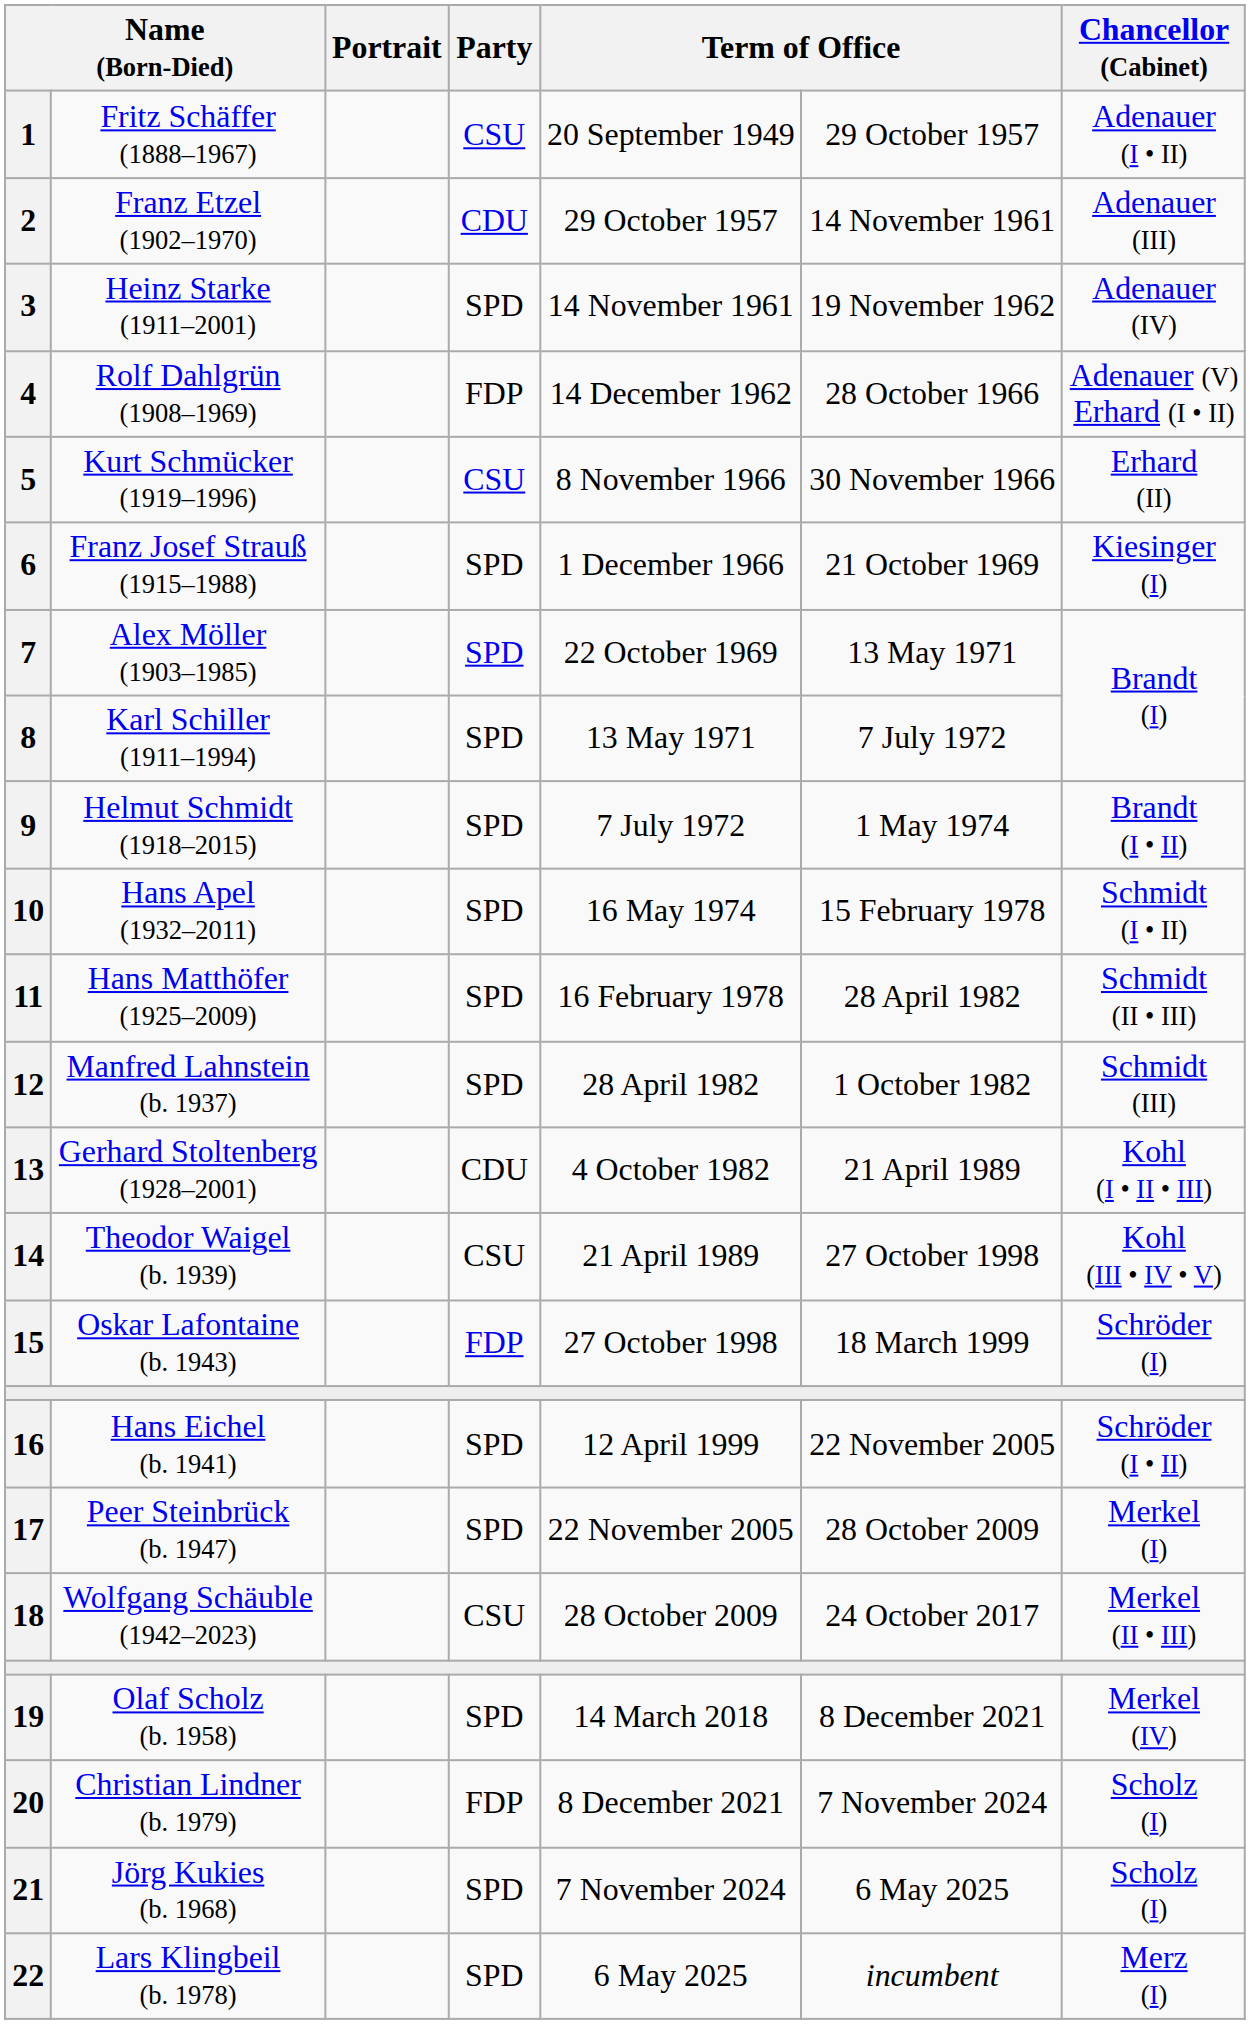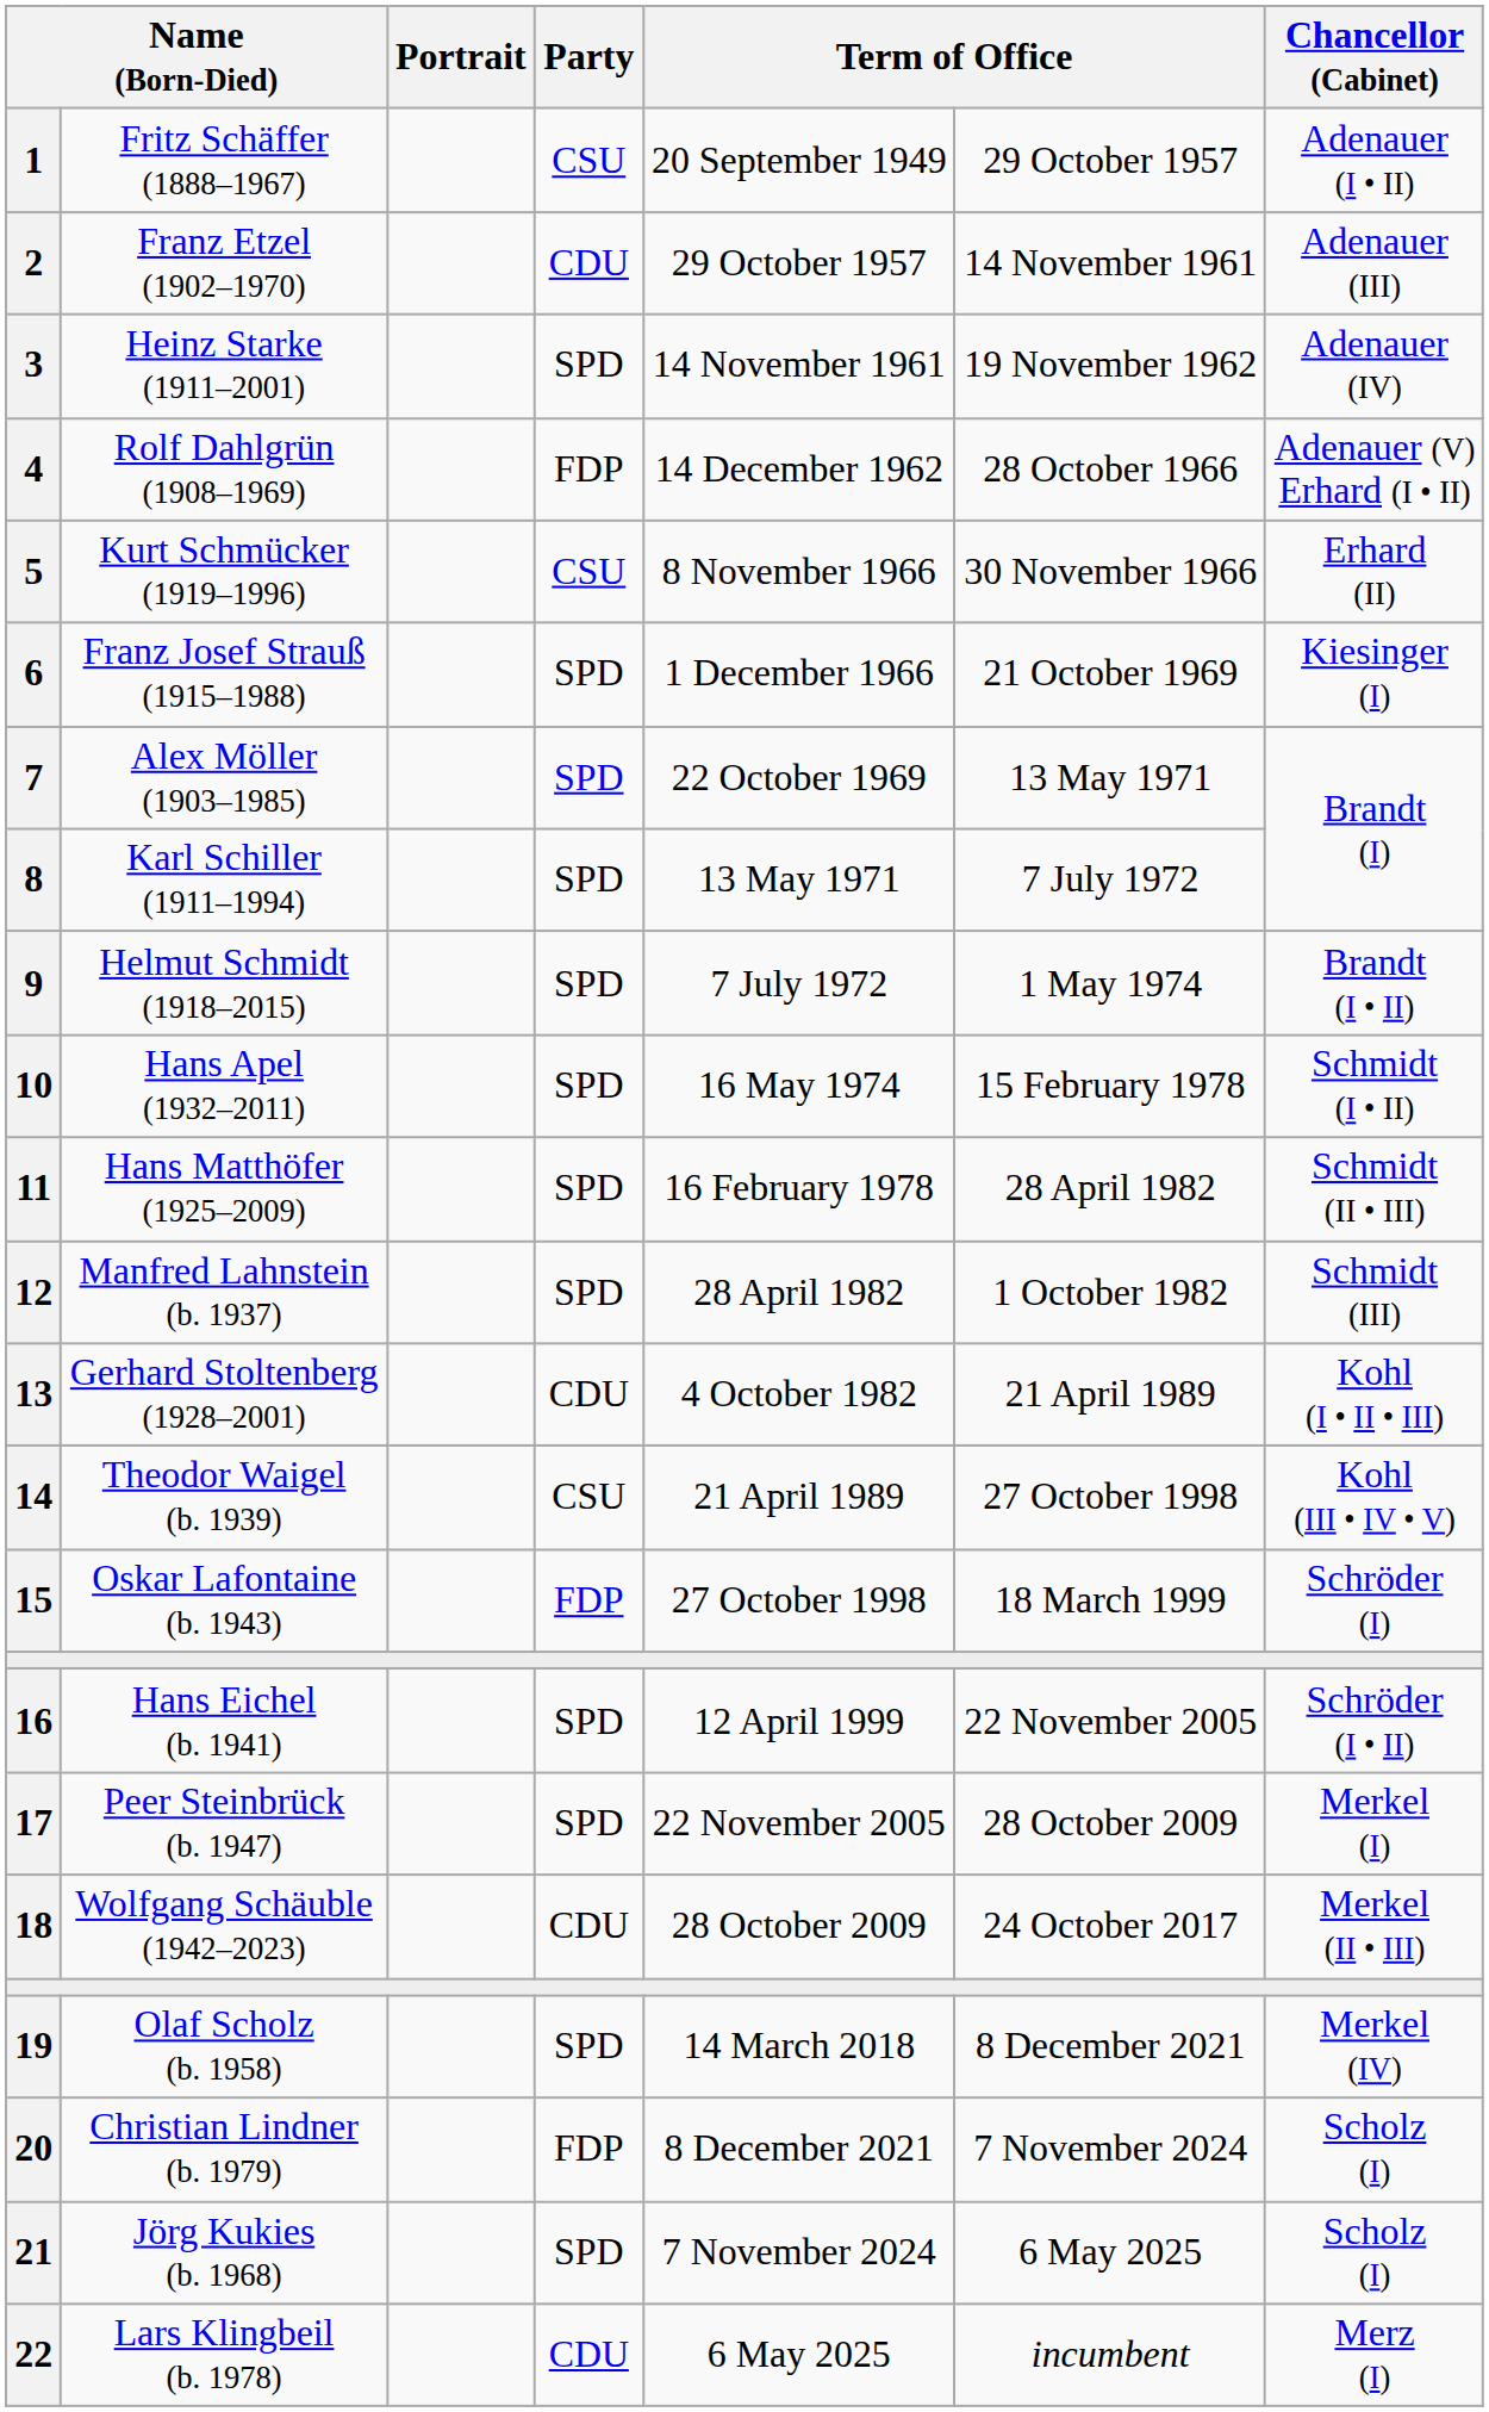 <table class="wikitable" style="text-align:center;">
 <tr>
 <th colspan=2>Name<br><small>(Born-Died)</small></th>
 <th>Portrait</th>
 <th>Party</th>
 <th colspan=2>Term of Office</th>
 <th><a href='#'>Chancellor</a><br><small>(Cabinet)</small></th>
 </tr>
 <tr>
 <th style="background:">1</th>
 <td><a href='#'>Fritz Schäffer</a><br><small>(1888–1967)</small></td>
 <td></td>
 <td><a href='#'>CSU</a></td>
 <td>20 September 1949</td>
 <td>29 October 1957</td>
 <td><a href='#'>Adenauer</a><br><small>(<a href='#'>I</a> • II)</small></td>
 </tr>
 <tr>
 <th style="background:">2</th>
 <td><a href='#'>Franz Etzel</a><br><small>(1902–1970)</small></td>
 <td></td>
 <td><a href='#'>CDU</a></td>
 <td>29 October 1957</td>
 <td>14 November 1961</td>
 <td><a href='#'>Adenauer</a><br><small>(III)</small></td>
 </tr>
 <tr>
 <th style="background:">3</th>
 <td><a href='#'>Heinz Starke</a><br><small>(1911–2001)</small></td>
 <td></td>
 <td>SPD</td>
 <td>14 November 1961</td>
 <td>19 November 1962</td>
 <td><a href='#'>Adenauer</a><br><small>(IV)</small></td>
 </tr>
 <tr>
 <th style="background:">4</th>
 <td><a href='#'>Rolf Dahlgrün</a><br><small>(1908–1969)</small></td>
 <td></td>
 <td>FDP</td>
 <td>14 December 1962</td>
 <td>28 October 1966</td>
 <td><a href='#'>Adenauer</a> <small>(V)</small><br> <a href='#'>Erhard</a> <small>(I • II)</small></td>
 </tr>
 <tr>
 <th style="background:">5</th>
 <td><a href='#'>Kurt Schmücker</a><br><small>(1919–1996)</small></td>
 <td></td>
 <td><a href='#'>CSU</a></td>
 <td>8 November 1966</td>
 <td>30 November 1966</td>
 <td><a href='#'>Erhard</a><br><small>(II)</small></td>
 </tr>
 <tr>
 <th style="background:">6</th>
 <td><a href='#'>Franz Josef Strauß</a><br><small>(1915–1988)</small></td>
 <td></td>
 <td>SPD</td>
 <td>1 December 1966</td>
 <td>21 October 1969</td>
 <td><a href='#'>Kiesinger</a><br><small>(<a href='#'>I</a>)</small></td>
 </tr>
 <tr>
 <th style="background:">7</th>
 <td><a href='#'>Alex Möller</a><br><small>(1903–1985)</small></td>
 <td></td>
 <td><a href='#'>SPD</a></td>
 <td>22 October 1969</td>
 <td>13 May 1971</td>
 <td rowspan=2><a href='#'>Brandt</a><br><small>(<a href='#'>I</a>)</small></td>
 </tr>
 <tr>
 <th style="background:">8</th>
 <td><a href='#'>Karl Schiller</a><br><small>(1911–1994)</small></td>
 <td></td>
 <td>SPD</td>
 <td>13 May 1971</td>
 <td>7 July 1972</td>
 </tr>
 <tr>
 <th style="background:">9</th>
 <td><a href='#'>Helmut Schmidt</a><br><small>(1918–2015)</small></td>
 <td></td>
 <td>SPD</td>
 <td>7 July 1972</td>
 <td>1 May 1974</td>
 <td><a href='#'>Brandt</a><br><small>(<a href='#'>I</a> • <a href='#'>II</a>)</small></td>
 </tr>
 <tr>
 <th style="background:">10</th>
 <td><a href='#'>Hans Apel</a><br><small>(1932–2011)</small></td>
 <td></td>
 <td>SPD</td>
 <td>16 May 1974</td>
 <td>15 February 1978</td>
 <td><a href='#'>Schmidt</a><br><small>(<a href='#'>I</a> • II)</small></td>
 </tr>
 <tr>
 <th style="background:">11</th>
 <td><a href='#'>Hans Matthöfer</a><br><small>(1925–2009)</small></td>
 <td></td>
 <td>SPD</td>
 <td>16 February 1978</td>
 <td>28 April 1982</td>
 <td><a href='#'>Schmidt</a><br><small>(II • III)</small></td>
 </tr>
 <tr>
 <th style="background:">12</th>
 <td><a href='#'>Manfred Lahnstein</a><br><small>(b. 1937)</small></td>
 <td></td>
 <td>SPD</td>
 <td>28 April 1982</td>
 <td>1 October 1982</td>
 <td><a href='#'>Schmidt</a><br><small>(III)</small></td>
 </tr>
 <tr>
 <th style="background:">13</th>
 <td><a href='#'>Gerhard Stoltenberg</a><br><small>(1928–2001)</small></td>
 <td></td>
 <td>CDU</td>
 <td>4 October 1982</td>
 <td>21 April 1989</td>
 <td><a href='#'>Kohl</a><br><small>(<a href='#'>I</a> • <a href='#'>II</a> • <a href='#'>III</a>)</small></td>
 </tr>
 <tr>
 <th style="background:">14</th>
 <td><a href='#'>Theodor Waigel</a><br><small>(b. 1939)</small></td>
 <td></td>
 <td>CSU</td>
 <td>21 April 1989</td>
 <td>27 October 1998</td>
 <td><a href='#'>Kohl</a><br><small>(<a href='#'>III</a> • <a href='#'>IV</a> • <a href='#'>V</a>)</small></td>
 </tr>
 <tr>
 <th style="background:">15</th>
 <td><a href='#'>Oskar Lafontaine</a><br><small>(b. 1943)</small></td>
 <td></td>
 <td><a href='#'>FDP</a></td>
 <td>27 October 1998</td>
 <td>18 March 1999</td>
 <td><a href='#'>Schröder</a><br><small>(<a href='#'>I</a>)</small></td>
 </tr>
 <tr>
 <td bgcolor=#EEEEEE colspan=10></td>
 </tr>
 <tr>
 <th style="background:">16</th>
 <td><a href='#'>Hans Eichel</a><br><small>(b. 1941)</small></td>
 <td></td>
 <td>SPD</td>
 <td>12 April 1999</td>
 <td>22 November 2005</td>
 <td><a href='#'>Schröder</a><br><small>(<a href='#'>I</a> • <a href='#'>II</a>)</small></td>
 </tr>
 <tr>
 <th style="background:">17</th>
 <td><a href='#'>Peer Steinbrück</a><br><small>(b. 1947)</small></td>
 <td></td>
 <td>SPD</td>
 <td>22 November 2005</td>
 <td>28 October 2009</td>
 <td><a href='#'>Merkel</a><br><small>(<a href='#'>I</a>)</small></td>
 </tr>
 <tr>
 <th style="background:">18</th>
 <td><a href='#'>Wolfgang Schäuble</a><br><small>(1942–2023)</small></td>
 <td></td>
-<td>CSU</td>
+<td>CDU</td>
 <td>28 October 2009</td>
 <td>24 October 2017</td>
 <td><a href='#'>Merkel</a><br><small>(<a href='#'>II</a> • <a href='#'>III</a>)</small></td>
 </tr>
 <tr>
 <td bgcolor=#EEEEEE colspan=10></td>
 </tr>
 <tr>
 <th style="background:">19</th>
 <td><a href='#'>Olaf Scholz</a><br><small>(b. 1958)</small></td>
 <td></td>
 <td>SPD</td>
 <td>14 March 2018</td>
 <td>8 December 2021</td>
 <td><a href='#'>Merkel</a><br><small>(<a href='#'>IV</a>)</small></td>
 </tr>
 <tr>
 <th style="background:">20</th>
 <td><a href='#'>Christian Lindner</a><br><small>(b. 1979)</small></td>
 <td></td>
 <td>FDP</td>
 <td>8 December 2021</td>
 <td>7 November 2024</td>
 <td><a href='#'>Scholz</a><br><small>(<a href='#'>I</a>)</small></td>
 </tr>
 <tr>
 <th style="background:">21</th>
 <td><a href='#'>Jörg Kukies</a><br><small>(b. 1968)</small></td>
 <td></td>
 <td>SPD</td>
 <td>7 November 2024</td>
 <td>6 May 2025</td>
 <td><a href='#'>Scholz</a><br><small>(<a href='#'>I</a>)</small></td>
 </tr>
 <tr>
 <th style="background:">22</th>
 <td><a href='#'>Lars Klingbeil</a><br><small>(b. 1978)</small></td>
 <td></td>
-<td>SPD</td>
+<td><a href='#'>CDU</a></td>
 <td>6 May 2025</td>
 <td><em>incumbent</em></td>
 <td><a href='#'>Merz</a><br><small>(<a href='#'>I</a>)</small></td>
 </tr>
 </table>
